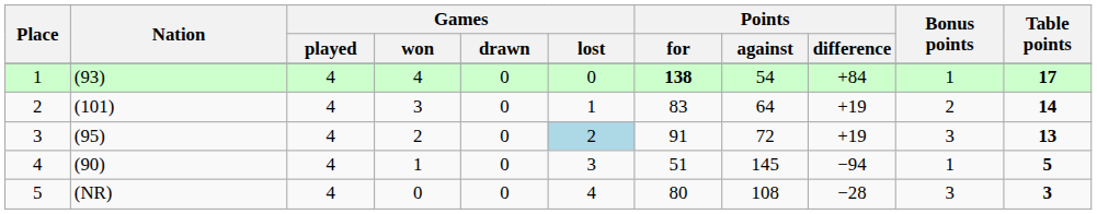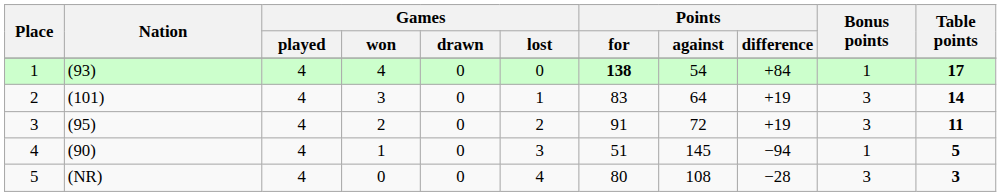 <table class="wikitable">
 <tr>
 <th rowspan=2 width="6%">Place</th>
 <th rowspan=2 width="20%">Nation</th>
 <th colspan=4 width="40%">Games</th>
 <th colspan=3 width="24%">Points</th>
 <th rowspan=2 width="10%">Bonus<br>points</th>
 <th rowspan=2 width="10%">Table<br>points</th>
 </tr>
 <tr>
 <th width="8%">played</th>
 <th width="8%">won</th>
 <th width="8%">drawn</th>
 <th width="8%">lost</th>
 <th width="8%">for</th>
 <th width="8%">against</th>
 <th width="8%">difference</th>
 </tr>
 <tr>
 </tr>
 <tr align=center bgcolor="#ccffcc">
 <td>1</td>
 <td align=left> (93)</td>
 <td>4</td>
 <td>4</td>
 <td>0</td>
 <td>0</td>
 <td><strong>138</strong></td>
 <td>54</td>
 <td>+84</td>
 <td>1</td>
 <td><strong>17</strong></td>
 </tr>
 <tr align=center>
 <td>2</td>
 <td align=left> (101)</td>
 <td>4</td>
 <td>3</td>
 <td>0</td>
 <td>1</td>
 <td>83</td>
 <td>64</td>
 <td>+19</td>
-<td>2</td>
+<td>3</td>
 <td><strong>14</strong></td>
 </tr>
 <tr align=center>
 <td>3</td>
 <td align=left> (95)</td>
 <td>4</td>
 <td>2</td>
 <td>0</td>
-<td style="background: lightblue;">2</td>
+<td>2</td>
 <td>91</td>
 <td>72</td>
 <td>+19</td>
 <td>3</td>
-<td><strong>13</strong></td>
+<td><strong>11</strong></td>
 </tr>
 <tr align=center>
 <td>4</td>
 <td align=left> (90)</td>
 <td>4</td>
 <td>1</td>
 <td>0</td>
 <td>3</td>
 <td>51</td>
 <td>145</td>
 <td>−94</td>
 <td>1</td>
 <td><strong>5</strong></td>
 </tr>
 <tr align=center>
 <td>5</td>
 <td align=left> (NR)</td>
 <td>4</td>
 <td>0</td>
 <td>0</td>
 <td>4</td>
 <td>80</td>
 <td>108</td>
 <td>−28</td>
 <td>3</td>
 <td><strong>3</strong></td>
 </tr>
 </table>
